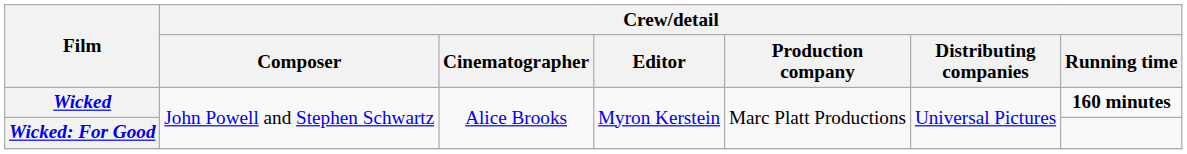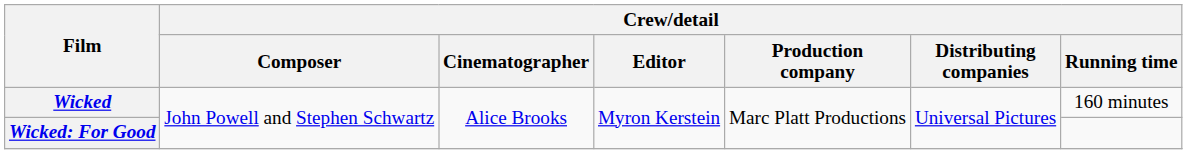 <table class="wikitable sortable" style="text-align:center">
 <tr>
 <th rowspan="2">Film</th>
 <th colspan="7">Crew/detail</th>
 </tr>
 <tr>
 <th style="text-align:center;">Composer</th>
 <th style="text-align:center;">Cinematographer</th>
 <th style="text-align:center;">Editor</th>
 <th style="text-align:center;">Production<br>company</th>
 <th style="text-align:center;">Distributing<br>companies</th>
 <th style="text-align:center;">Running time</th>
 </tr>
 <tr>
 <th><em><a href='#'>Wicked</a></em></th>
 <td rowspan="2"><a href='#'>John Powell</a> and <a href='#'>Stephen Schwartz</a></td>
 <td rowspan="2"><a href='#'>Alice Brooks</a></td>
 <td rowspan="2"><a href='#'>Myron Kerstein</a></td>
 <td rowspan="2">Marc Platt Productions</td>
 <td rowspan="2"><a href='#'>Universal Pictures</a></td>
-<td><strong>160 minutes</strong></td>
+<td>160 minutes</td>
 </tr>
 <tr>
 <th><em><a href='#'>Wicked: For Good</a></em></th>
 <td></td>
 </tr>
 <tr>
 </tr>
 </table>
